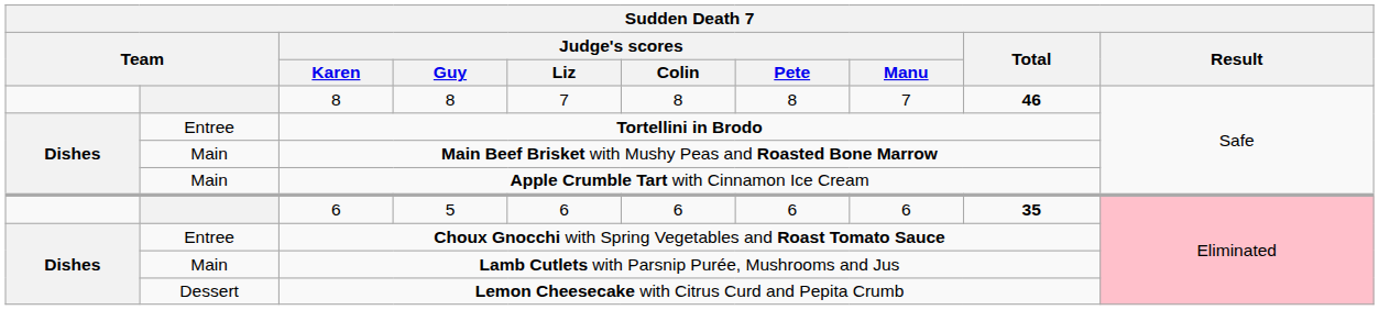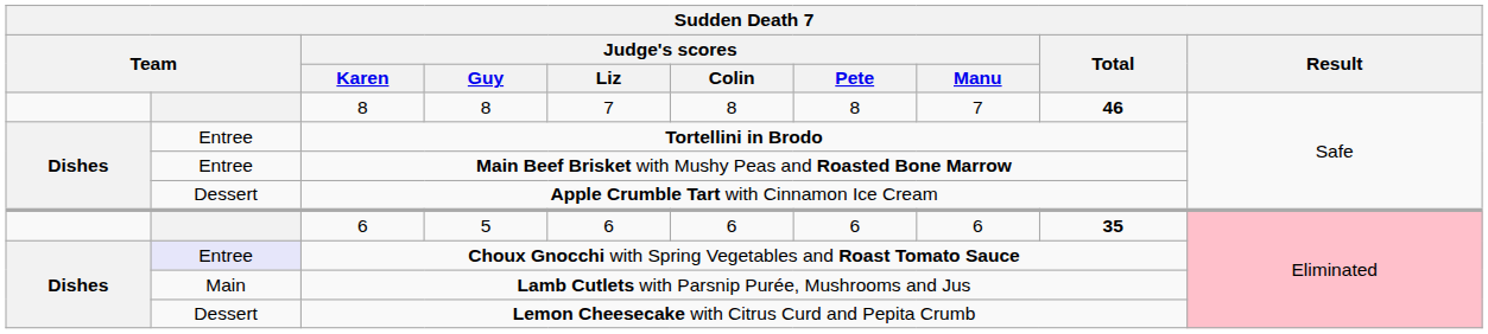 <table class="wikitable plainrowheaders" style="margin: 1em auto; text-align:center; font-size:90%; width:80em;">
 <tr>
 <th colspan="10" >Sudden Death 7</th>
 </tr>
 <tr>
 <th rowspan="2" style="width:20%;" colspan="2">Team</th>
 <th colspan="6" style="width:50%;">Judge's scores</th>
 <th rowspan="2" style="width:10%;">Total<br></th>
 <th rowspan="2" style="width:20%;">Result</th>
 </tr>
 <tr>
 <th style="width:50px;"><a href='#'>Karen</a></th>
 <th style="width:50px;"><a href='#'>Guy</a></th>
 <th style="width:50px;">Liz</th>
 <th style="width:50px;">Colin</th>
 <th style="width:50px;"><a href='#'>Pete</a></th>
 <th style="width:50px;"><a href='#'>Manu</a></th>
 </tr>
 <tr>
 <td></td>
 <th style="text-align:centre"></th>
 <td>8</td>
 <td>8</td>
 <td>7</td>
 <td>8</td>
 <td>8</td>
 <td>7</td>
 <td><strong>46</strong></td>
 <td rowspan="4">Safe</td>
 </tr>
 <tr>
 <th rowspan="3">Dishes</th>
 <td>Entree</td>
 <td colspan="7"><strong>Tortellini in Brodo</strong></td>
 </tr>
 <tr>
-<td>Main</td>
+<td>Entree</td>
 <td colspan="7"><strong>Main Beef Brisket</strong> with Mushy Peas and <strong>Roasted Bone Marrow</strong></td>
 </tr>
 <tr>
-<td>Main</td>
+<td>Dessert</td>
 <td colspan="7"><strong>Apple Crumble Tart</strong> with Cinnamon Ice Cream</td>
 </tr>
 <tr style="border-top:3px solid #aaa;">
 <td></td>
 <th style="text-align:centre"></th>
 <td>6</td>
 <td>5</td>
 <td>6</td>
 <td>6</td>
 <td>6</td>
 <td>6</td>
 <td><strong>35</strong></td>
 <td rowspan="4" style="background:pink">Eliminated</td>
 </tr>
 <tr>
 <th rowspan="3">Dishes</th>
-<td>Entree</td>
+<td style="background: lavender;">Entree</td>
 <td colspan="7"><strong>Choux Gnocchi</strong> with Spring Vegetables and <strong>Roast Tomato Sauce</strong></td>
 </tr>
 <tr>
 <td>Main</td>
 <td colspan="7"><strong>Lamb Cutlets</strong> with Parsnip Purée, Mushrooms and Jus</td>
 </tr>
 <tr>
 <td>Dessert</td>
 <td colspan="7"><strong>Lemon Cheesecake</strong> with Citrus Curd and Pepita Crumb</td>
 </tr>
 </table>
